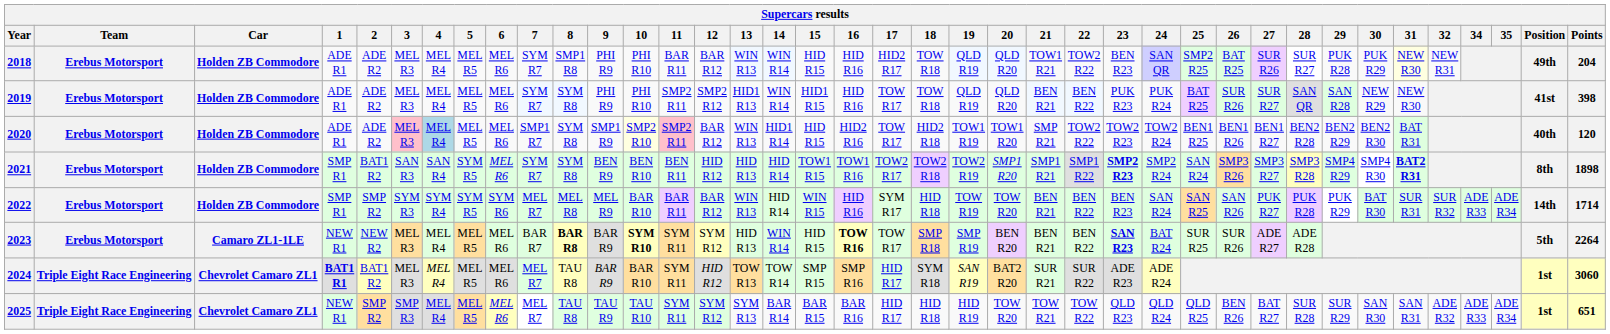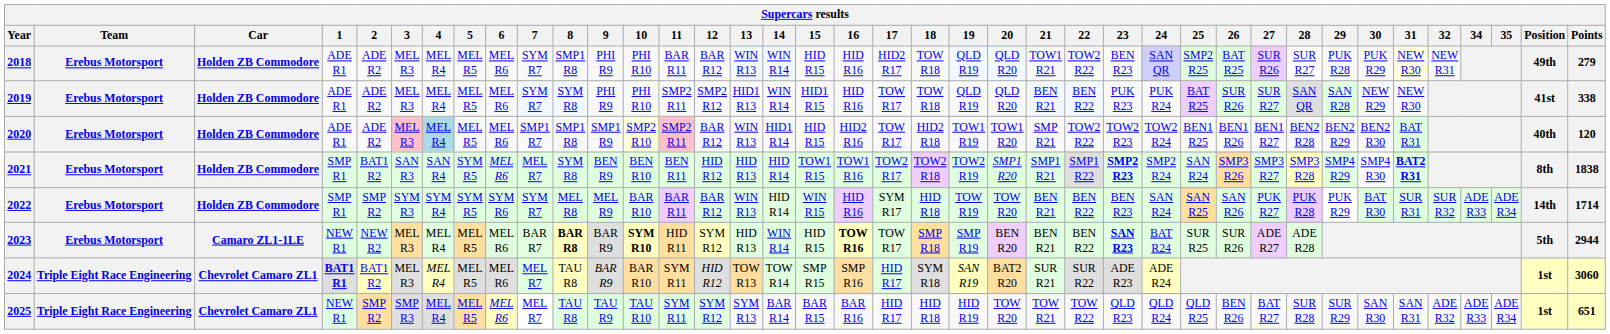 <table class="wikitable" style="text-align:center; font-size:75%">
 <tr>
 <th colspan=45><a href='#'>Supercars</a> results</th>
 </tr>
 <tr>
 <th>Year</th>
 <th>Team</th>
 <th>Car</th>
 <th>1</th>
 <th>2</th>
 <th>3</th>
 <th>4</th>
 <th>5</th>
 <th>6</th>
 <th>7</th>
 <th>8</th>
 <th>9</th>
 <th>10</th>
 <th>11</th>
 <th>12</th>
 <th>13</th>
 <th>14</th>
 <th>15</th>
 <th>16</th>
 <th>17</th>
 <th>18</th>
 <th>19</th>
 <th>20</th>
 <th>21</th>
 <th>22</th>
 <th>23</th>
 <th>24</th>
 <th>25</th>
 <th>26</th>
 <th>27</th>
 <th>28</th>
 <th>29</th>
 <th>30</th>
 <th>31</th>
 <th>32</th>
 <th>34</th>
 <th>35</th>
 <th>Position</th>
 <th>Points</th>
 </tr>
 <tr>
 <th><a href='#'>2018</a></th>
 <th><a href='#'>Erebus Motorsport</a></th>
 <th><a href='#'>Holden ZB Commodore</a></th>
 <td><a href='#'>ADE<br>R1</a></td>
 <td><a href='#'>ADE<br>R2</a></td>
 <td><a href='#'>MEL<br>R3</a></td>
 <td><a href='#'>MEL<br>R4</a></td>
 <td><a href='#'>MEL<br>R5</a></td>
 <td><a href='#'>MEL<br>R6</a></td>
 <td><a href='#'>SYM<br>R7</a></td>
 <td><a href='#'>SMP1<br>R8</a></td>
 <td><a href='#'>PHI<br>R9</a></td>
 <td><a href='#'>PHI<br>R10</a></td>
 <td><a href='#'>BAR<br>R11</a></td>
 <td><a href='#'>BAR<br>R12</a></td>
 <td style=background:#f1f8ff><a href='#'>WIN<br>R13</a><br></td>
 <td style=background:#f1f8ff><a href='#'>WIN<br>R14</a><br></td>
 <td><a href='#'>HID<br>R15</a></td>
 <td><a href='#'>HID<br>R16</a></td>
 <td><a href='#'>HID2<br>R17</a></td>
 <td><a href='#'>TOW<br>R18</a></td>
 <td style=background:#f1f8ff><a href='#'>QLD<br>R19</a><br></td>
 <td style=background:#f1f8ff><a href='#'>QLD<br>R20</a><br></td>
 <td><a href='#'>TOW1<br>R21</a></td>
 <td><a href='#'>TOW2<br>R22</a></td>
 <td><a href='#'>BEN<br>R23</a></td>
 <td style=background:#cfcfff><a href='#'>SAN<br>QR</a><br></td>
 <td style=background:#dfffdf><a href='#'>SMP2<br>R25</a><br></td>
 <td style=background:#dfffdf><a href='#'>BAT<br>R25</a><br></td>
 <td style=background:#efcfff><a href='#'>SUR<br>R26</a><br></td>
 <td style=background:#ffffff><a href='#'>SUR<br>R27</a><br></td>
 <td><a href='#'>PUK<br>R28</a></td>
 <td><a href='#'>PUK<br>R29</a></td>
 <td style="background: lightyellow;"><a href='#'>NEW<br>R30</a></td>
 <td><a href='#'>NEW<br>R31</a></td>
 <th colspan=2></th>
 <th>49th</th>
-<th>204</th>
+<th>279</th>
 </tr>
 <tr>
 <th><a href='#'>2019</a></th>
 <th><a href='#'>Erebus Motorsport</a></th>
 <th><a href='#'>Holden ZB Commodore</a></th>
 <td><a href='#'>ADE<br>R1</a></td>
 <td><a href='#'>ADE<br>R2</a></td>
 <td><a href='#'>MEL<br>R3</a></td>
 <td><a href='#'>MEL<br>R4</a></td>
 <td><a href='#'>MEL<br>R5</a></td>
 <td><a href='#'>MEL<br>R6</a></td>
 <td style=background:#f1f8ff><a href='#'>SYM<br>R7</a><br></td>
 <td style=background:#f1f8ff><a href='#'>SYM<br>R8</a><br></td>
 <td><a href='#'>PHI<br>R9</a></td>
 <td><a href='#'>PHI<br>R10</a></td>
 <td><a href='#'>SMP2<br>R11</a></td>
 <td><a href='#'>SMP2<br>R12</a></td>
 <td><a href='#'>HID1<br>R13</a></td>
 <td><a href='#'>WIN<br>R14</a></td>
 <td><a href='#'>HID1<br>R15</a></td>
 <td><a href='#'>HID<br>R16</a></td>
 <td><a href='#'>TOW<br>R17</a></td>
 <td><a href='#'>TOW<br>R18</a></td>
 <td><a href='#'>QLD<br>R19</a></td>
 <td><a href='#'>QLD<br>R20</a></td>
 <td style=background:#f1f8ff><a href='#'>BEN<br>R21</a><br></td>
 <td style=background:#f1f8ff><a href='#'>BEN<br>R22</a><br></td>
 <td><a href='#'>PUK<br>R23</a></td>
 <td><a href='#'>PUK<br>R24</a></td>
 <td style=background:#efcfff><a href='#'>BAT<br>R25</a><br></td>
 <td style=background:#dfffdf><a href='#'>SUR<br>R26</a><br></td>
 <td style=background:#dfffdf><a href='#'>SUR<br>R27</a><br></td>
 <td style=background:#dfdfdf><a href='#'>SAN<br>QR</a><br></td>
 <td style=background:#dfffdf><a href='#'>SAN<br>R28</a><br></td>
 <td><a href='#'>NEW<br>R29</a></td>
 <td><a href='#'>NEW<br>R30</a></td>
 <th colspan=3></th>
 <th>41st</th>
-<th>398</th>
+<th>338</th>
 </tr>
 <tr>
 <th><a href='#'>2020</a></th>
 <th><a href='#'>Erebus Motorsport</a></th>
 <th><a href='#'>Holden ZB Commodore</a></th>
 <td><a href='#'>ADE<br>R1</a></td>
 <td><a href='#'>ADE<br>R2</a></td>
 <td style="background: pink;"><a href='#'>MEL<br>R3</a></td>
 <td style="background: lightblue;"><a href='#'>MEL<br>R4</a></td>
 <td><a href='#'>MEL<br>R5</a></td>
 <td><a href='#'>MEL<br>R6</a></td>
 <td><a href='#'>SMP1<br>R7</a></td>
-<td><a href='#'>SYM<br>R8</a></td>
+<td><a href='#'>SMP1<br>R8</a></td>
 <td><a href='#'>SMP1<br>R9</a></td>
 <td style="background: lightyellow;"><a href='#'>SMP2<br>R10</a></td>
 <td style="background: pink;"><a href='#'>SMP2<br>R11</a></td>
 <td><a href='#'>BAR<br>R12</a></td>
 <td><a href='#'>WIN<br>R13</a></td>
 <td><a href='#'>HID1<br>R14</a></td>
 <td><a href='#'>HID<br>R15</a></td>
 <td><a href='#'>HID2<br>R16</a></td>
 <td><a href='#'>TOW<br>R17</a></td>
 <td><a href='#'>HID2<br>R18</a></td>
 <td><a href='#'>TOW1<br>R19</a></td>
 <td><a href='#'>TOW1<br>R20</a></td>
 <td><a href='#'>SMP<br>R21</a></td>
 <td><a href='#'>TOW2<br>R22</a></td>
 <td><a href='#'>TOW2<br>R23</a></td>
 <td><a href='#'>TOW2<br>R24</a></td>
 <td><a href='#'>BEN1<br>R25</a></td>
 <td><a href='#'>BEN1<br>R26</a></td>
 <td><a href='#'>BEN1<br>R27</a></td>
 <td><a href='#'>BEN2<br>R28</a></td>
 <td><a href='#'>BEN2<br>R29</a></td>
 <td><a href='#'>BEN2<br>R30</a></td>
 <td style=background:#dfffdf><a href='#'>BAT<br>R31</a><br></td>
 <th colspan=3></th>
 <th>40th</th>
 <th>120</th>
 </tr>
 <tr>
 <th><a href='#'>2021</a></th>
 <th><a href='#'>Erebus Motorsport</a></th>
 <th><a href='#'>Holden ZB Commodore</a></th>
 <td style=background:#dfffdf><a href='#'>SMP<br>R1</a><br></td>
 <td style=background:#dfffdf><a href='#'>BAT1<br>R2</a><br></td>
 <td style=background:#dfffdf><a href='#'>SAN<br>R3</a><br></td>
 <td style=background:#dfffdf><a href='#'>SAN<br>R4</a><br></td>
 <td style=background:#dfffdf><a href='#'>SYM<br>R5</a><br></td>
 <td style=background:#dfffdf><em><a href='#'>MEL<br>R6</a></em><br></td>
-<td style=background:#dfffdf><a href='#'>SYM<br>R7</a><br></td>
+<td style=background:#dfffdf><a href='#'>MEL<br>R7</a><br></td>
 <td style=background:#dfffdf><a href='#'>SYM<br>R8</a><br></td>
 <td style=background:#dfffdf><a href='#'>BEN<br>R9</a><br></td>
 <td style=background:#dfffdf><a href='#'>BEN<br>R10</a><br></td>
 <td style=background:#dfffdf><a href='#'>BEN<br>R11</a><br></td>
 <td style=background:#dfffdf><a href='#'>HID<br>R12</a><br></td>
 <td style=background:#dfffdf><a href='#'>HID<br>R13</a><br></td>
 <td style=background:#dfffdf><a href='#'>HID<br>R14</a><br></td>
 <td style=background:#dfffdf><a href='#'>TOW1<br>R15</a><br></td>
 <td style=background:#dfffdf><a href='#'>TOW1<br>R16</a><br></td>
 <td style=background:#dfffdf><a href='#'>TOW2<br>R17</a><br></td>
 <td style=background:#efcfff><a href='#'>TOW2<br>R18</a><br></td>
 <td style=background:#dfffdf><a href='#'>TOW2<br>R19</a><br></td>
 <td style=background:#dfffdf><em><a href='#'>SMP1<br>R20</a><br></em></td>
 <td style=background:#dfffdf><a href='#'>SMP1<br>R21</a><br></td>
 <td style=background:#dfdfdf><a href='#'>SMP1<br>R22</a><br></td>
 <td style=background:#dfffdf><strong><a href='#'>SMP2<br>R23</a><br></strong></td>
 <td style=background:#dfffdf><a href='#'>SMP2<br>R24</a><br></td>
 <td style=background:#dfffdf><a href='#'>SAN<br>R24</a><br></td>
 <td style=background:#ffdf9f><a href='#'>SMP3<br>R26</a><br></td>
 <td style=background:#dfffdf><a href='#'>SMP3<br>R27</a><br></td>
 <td style=background:#ffffbf><a href='#'>SMP3<br>R28</a><br></td>
 <td style=background:#dfffdf><a href='#'>SMP4<br>R29</a><br></td>
 <td style=background:#ffffff><a href='#'>SMP4<br>R30</a><br></td>
 <td style=background:#dfffdf><strong><a href='#'>BAT2<br>R31</a><br></strong></td>
 <th colspan=3></th>
 <th>8th</th>
-<th>1898</th>
+<th>1838</th>
 </tr>
 <tr>
 <th><a href='#'>2022</a></th>
 <th><a href='#'>Erebus Motorsport</a></th>
 <th nowrap><a href='#'>Holden ZB Commodore</a></th>
 <td style=background:#dfffdf><a href='#'>SMP<br>R1</a><br></td>
 <td style=background:#dfffdf><a href='#'>SMP<br>R2</a><br></td>
 <td style=background:#dfffdf><a href='#'>SYM<br>R3</a><br></td>
 <td style=background:#dfffdf><a href='#'>SYM<br>R4</a><br></td>
 <td style=background:#dfffdf><a href='#'>SYM<br>R5</a><br></td>
 <td style=background:#dfffdf><a href='#'>SYM<br>R6</a><br></td>
-<td style=background:#dfffdf><a href='#'>MEL<br>R7</a><br></td>
+<td style=background:#dfffdf><a href='#'>SYM<br>R7</a><br></td>
 <td style=background:#dfffdf><a href='#'>MEL<br>R8</a><br></td>
 <td style=background:#dfffdf><a href='#'>MEL<br>R9</a><br></td>
 <td style=background:#dfffdf><a href='#'>BAR<br>R10</a><br></td>
 <td style=background:#efcfff><a href='#'>BAR<br>R11</a><br></td>
 <td style=background:#dfffdf><a href='#'>BAR<br>R12</a><br></td>
 <td style=background:#dfffdf><a href='#'>WIN<br>R13</a><br></td>
 <td style="background:#dfffdf">HID<br>R14<br></td>
 <td style=background:#dfffdf><a href='#'>WIN<br>R15</a><br></td>
 <td style=background:#efcfff><a href='#'>HID<br>R16</a><br></td>
 <td style="background:#dfffdf">SYM<br>R17<br></td>
 <td style=background:#dfffdf><a href='#'>HID<br>R18</a><br></td>
 <td style=background:#dfffdf><a href='#'>TOW<br>R19</a><br></td>
 <td style=background:#dfffdf><a href='#'>TOW<br>R20</a><br></td>
 <td style=background:#dfffdf><a href='#'>BEN<br>R21</a><br></td>
 <td style=background:#dfffdf><a href='#'>BEN<br>R22</a><br></td>
 <td style=background:#dfffdf><a href='#'>BEN<br>R23</a><br></td>
 <td style=background:#dfffdf><a href='#'>SAN<br>R24</a><br></td>
 <td style=background:#ffdf9f><a href='#'>SAN<br>R25</a><br></td>
 <td style=background:#dfffdf><a href='#'>SAN<br>R26</a><br></td>
 <td style=background:#dfffdf><a href='#'>PUK<br>R27</a><br></td>
 <td style=background:#efcfff><a href='#'>PUK<br>R28</a><br></td>
 <td style=background:#ffffff><a href='#'>PUK<br>R29</a><br></td>
 <td style=background:#dfffdf><a href='#'>BAT<br>R30</a><br></td>
 <td style=background:#dfffdf><a href='#'>SUR<br>R31</a><br></td>
 <td style=background:#dfffdf><a href='#'>SUR<br>R32</a><br></td>
 <td style=background:#dfffdf><a href='#'>ADE<br>R33</a><br></td>
 <td style=background:#dfffdf><a href='#'>ADE<br>R34</a><br></td>
 <th>14th</th>
 <th>1714</th>
 </tr>
 <tr>
 <th><a href='#'>2023</a></th>
 <th><a href='#'>Erebus Motorsport</a></th>
 <th><a href='#'>Camaro ZL1-1LE</a></th>
 <td style="background:#dfffdf"><a href='#'>NEW<br>R1</a><br></td>
 <td style="background:#dfffdf"><a href='#'>NEW<br>R2</a><br></td>
 <td style="background:#ffdf9f">MEL<br>R3<br></td>
 <td style="background:#dfffdf">MEL<br>R4<br></td>
 <td style="background:#ffdf9f">MEL<br>R5<br></td>
 <td style="background:#dfffdf">MEL<br>R6<br></td>
 <td style="background:#dfffdf">BAR<br>R7<br></td>
 <td style="background:#ffffbf"><strong>BAR<br>R8<br></strong></td>
 <td style="background:#dfdfdf">BAR<br>R9<br></td>
 <td style="background:#ffffbf"><strong>SYM<br>R10<br></strong></td>
-<td style="background:#ffdf9f">SYM<br>R11<br></td>
+<td style="background:#ffdf9f">HID<br>R11<br></td>
 <td style="background:#ffffbf">SYM<br>R12<br></td>
 <td style="background:#dfffdf">HID<br>R13<br></td>
 <td style=background:#dfffdf><a href='#'>WIN<br>R14</a><br></td>
 <td style="background:#dfffdf">HID<br>R15<br></td>
 <td style="background:#ffffbf"><strong>TOW<br>R16<br></strong></td>
 <td style="background:#dfffdf">TOW<br>R17<br></td>
 <td style="background:#ffdf9f"><a href='#'>SMP<br>R18</a><br></td>
 <td style="background:#dfffdf"><a href='#'>SMP<br>R19</a><br></td>
 <td style="background:#efcfff">BEN<br>R20<br></td>
 <td style="background:#dfffdf">BEN<br>R21<br></td>
 <td style="background:#dfffdf">BEN<br>R22<br></td>
 <td style="background:#dfffdf"><strong><a href='#'>SAN<br>R23</a><br></strong></td>
 <td style="background:#dfffdf"><a href='#'>BAT<br>R24</a><br></td>
 <td style="background:#dfffdf">SUR<br>R25<br></td>
 <td style="background:#dfffdf">SUR<br>R26<br></td>
 <td style="background:#efcfff">ADE<br>R27<br></td>
 <td style="background:#dfffdf">ADE<br>R28<br></td>
 <th colspan=6></th>
 <th>5th</th>
-<th>2264</th>
+<th>2944</th>
 </tr>
 <tr>
 <th><a href='#'>2024</a></th>
 <th nowrap><a href='#'>Triple Eight Race Engineering</a></th>
 <th nowrap><a href='#'>Chevrolet Camaro ZL1</a></th>
 <td style="background:#dfdfdf"><strong><a href='#'>BAT1<br>R1</a><br></strong></td>
 <td style="background:#ffffbf"><a href='#'>BAT1<br>R2</a><br></td>
 <td style="background:#dfdfdf">MEL<br>R3<br></td>
 <td style="background:#ffffbf"><em>MEL<br>R4<br></em></td>
 <td style="background:#dfdfdf">MEL<br>R5<br></td>
 <td style="background:#dfdfdf">MEL<br>R6<br></td>
 <td style=background:#dfffdf><a href='#'>MEL<br>R7</a><br></td>
 <td style="background:#ffffbf">TAU<br>R8<br></td>
 <td style="background:#dfdfdf"><em>BAR<br>R9<br></em></td>
 <td style="background:#ffdf9f">BAR<br>R10<br></td>
 <td style="background:#ffdf9f">SYM<br>R11<br></td>
 <td style="background:#dfdfdf"><em>HID<br>R12<br></em></td>
 <td style="background:#ffdf9f">TOW<br>R13<br></td>
 <td style="background:#dfffdf">TOW<br>R14<br></td>
 <td style="background:#dfffdf">SMP<br>R15<br></td>
 <td style="background:#ffdf9f">SMP<br>R16<br></td>
 <td style=background:#dfffdf><a href='#'>HID<br>R17</a><br></td>
 <td style="background:#dfdfdf">SYM<br>R18<br></td>
 <td style="background:#ffffbf"><em>SAN<br>R19<br></em></td>
 <td style="background:#ffdf9f">BAT2<br>R20<br></td>
 <td style="background:#dfffdf">SUR<br>R21<br></td>
 <td style="background:#dfdfdf">SUR<br>R22<br></td>
 <td style="background:#dfdfdf">ADE<br>R23<br></td>
 <td style="background:#ffffbf">ADE<br>R24<br></td>
 <th colspan=10></th>
 <th style=background:#FFFFBF>1st</th>
 <th style=background:#FFFFBF>3060</th>
 </tr>
 <tr>
 <th><a href='#'>2025</a></th>
 <th nowrap><a href='#'>Triple Eight Race Engineering</a></th>
 <th nowrap><a href='#'>Chevrolet Camaro ZL1</a></th>
 <td style="background:#dfffdf"><a href='#'>NEW<br>R1</a><br></td>
 <td style=background:#ffdf9f><a href='#'>SMP<br>R2</a><br></td>
 <td style=background:#dfdfdf><a href='#'>SMP<br>R3</a><br></td>
 <td style=background:#dfdfdf><a href='#'>MEL<br>R4</a><br></td>
 <td style=background:#ffdf9f><a href='#'>MEL<br>R5</a><br></td>
 <td style=background:#ffffbf><em><a href='#'>MEL<br>R6</a><br></em></td>
 <td style=background:#ffffff><a href='#'>MEL<br>R7</a><br></td>
 <td style=background:#dfffdf><a href='#'>TAU<br>R8</a><br></td>
 <td style=background:#dfffdf><a href='#'>TAU<br>R9</a><br></td>
 <td style=background:#dfffdf><a href='#'>TAU<br>R10</a><br></td>
 <td style=background:#dfffdf><a href='#'>SYM<br>R11</a><br></td>
 <td style=background:#dfffdf><a href='#'>SYM<br>R12</a><br></td>
 <td style=background:#><a href='#'>SYM<br>R13</a><br></td>
 <td style=background:#><a href='#'>BAR<br>R14</a><br></td>
 <td style=background:#><a href='#'>BAR<br>R15</a><br></td>
 <td style=background:#><a href='#'>BAR<br>R16</a><br></td>
 <td style=background:#><a href='#'>HID<br>R17</a><br></td>
 <td style=background:#><a href='#'>HID<br>R18</a><br></td>
 <td style=background:#><a href='#'>HID<br>R19</a><br></td>
 <td style=background:#><a href='#'>TOW<br>R20</a><br></td>
 <td style=background:#><a href='#'>TOW<br>R21</a><br></td>
 <td style=background:#><a href='#'>TOW<br>R22</a><br></td>
 <td style=background:#><a href='#'>QLD<br>R23</a><br></td>
 <td style=background:#><a href='#'>QLD<br>R24</a><br></td>
 <td style=background:#><a href='#'>QLD<br>R25</a><br></td>
 <td style=background:#><a href='#'>BEN<br>R26</a><br></td>
 <td style=background:#><a href='#'>BAT<br>R27</a><br></td>
 <td style=background:#><a href='#'>SUR<br>R28</a><br></td>
 <td style=background:#><a href='#'>SUR<br>R29</a><br></td>
 <td style=background:#><a href='#'>SAN<br>R30</a><br></td>
 <td style=background:#><a href='#'>SAN<br>R31</a><br></td>
 <td style=background:#><a href='#'>ADE<br>R32</a><br></td>
 <td style=background:#><a href='#'>ADE<br>R33</a><br></td>
 <td style=background:#><a href='#'>ADE<br>R34</a><br></td>
 <th style=background:#ffffbf><strong>1st</strong></th>
 <th style=background:#ffffbf>651</th>
 </tr>
 </table>
